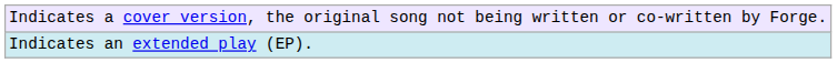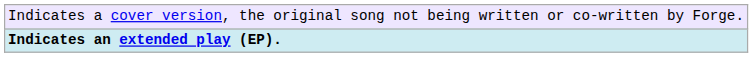 <table class="wikitable" style="font-size:90%;">
 <tr>
 <td style="background:#EEE6FF;">Indicates a <a href='#'>cover version</a>, the original song not being written or co-written by Forge.</td>
 </tr>
 <tr>
-<td style="background:#CEECF2;">Indicates an <a href='#'>extended play</a> (EP).</td>
+<td style="background:#CEECF2;"><strong>Indicates an <a href='#'>extended play</a> (EP).</strong></td>
 </tr>
 </table>
